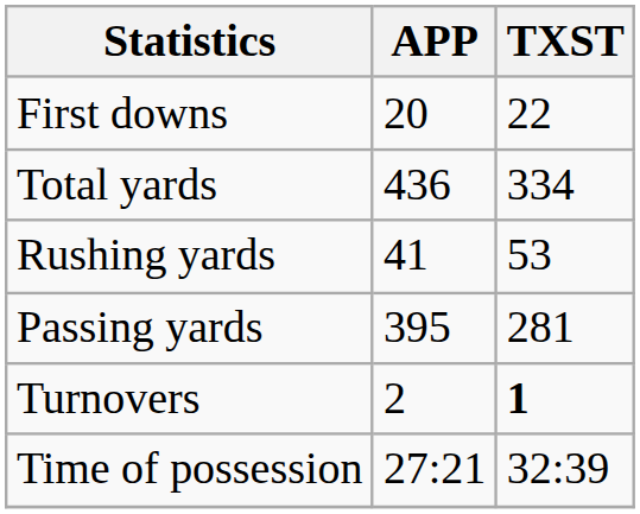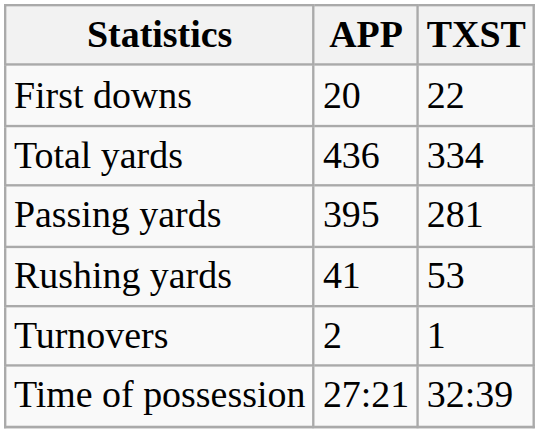 <table class="wikitable">
 <tr>
 <th>Statistics</th>
 <th>APP</th>
 <th>TXST</th>
 </tr>
 <tr>
 <td>First downs</td>
 <td>20</td>
 <td>22</td>
 </tr>
 <tr>
 <td>Total yards</td>
 <td>436</td>
 <td>334</td>
 </tr>
 <tr>
+<td>Passing yards</td>
+<td>395</td>
+<td>281</td>
+</tr>
+<tr>
 <td>Rushing yards</td>
 <td>41</td>
 <td>53</td>
 </tr>
 <tr>
-<td>Passing yards</td>
-<td>395</td>
-<td>281</td>
-</tr>
-<tr>
 <td>Turnovers</td>
 <td>2</td>
-<td><strong>1</strong></td>
+<td>1</td>
 </tr>
 <tr>
 <td>Time of possession</td>
 <td>27:21</td>
 <td>32:39</td>
 </tr>
 <tr>
 </tr>
 </table>
